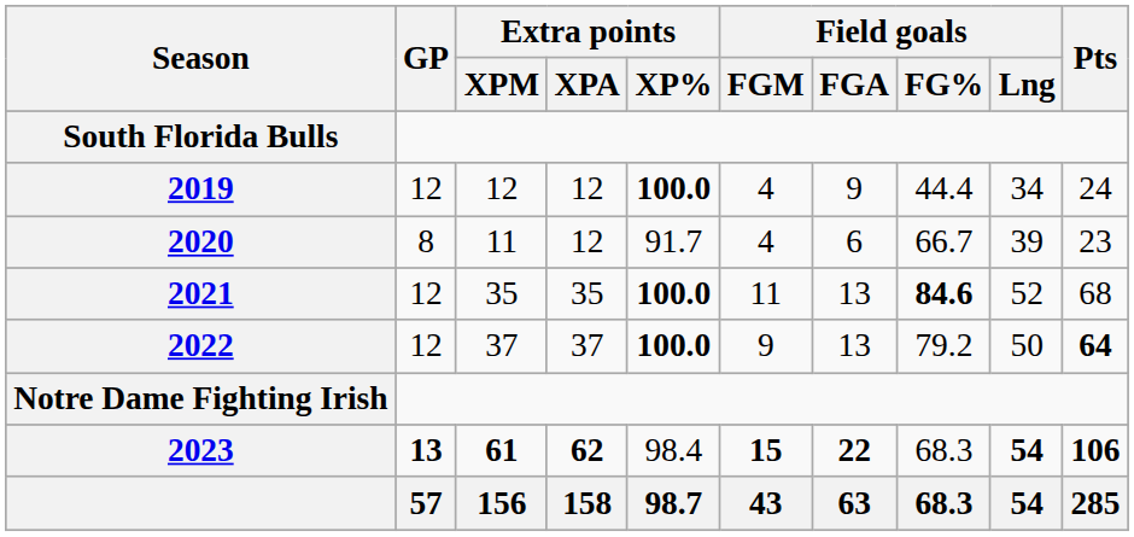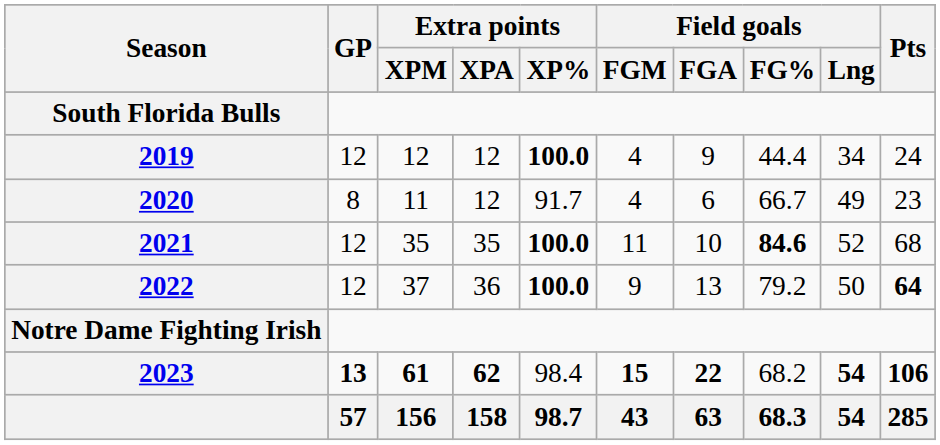 <table class="wikitable" style="text-align:center;">
 <tr>
 <th rowspan=2>Season</th>
 <th rowspan=2>GP</th>
 <th colspan=3>Extra points</th>
 <th colspan=4>Field goals</th>
 <th rowspan=2>Pts</th>
 </tr>
 <tr>
 <th>XPM</th>
 <th>XPA</th>
 <th>XP%</th>
 <th>FGM</th>
 <th>FGA</th>
 <th>FG%</th>
 <th>Lng</th>
 </tr>
 <tr>
 <th>South Florida Bulls</th>
 </tr>
 <tr>
 <th><a href='#'>2019</a></th>
 <td>12</td>
 <td>12</td>
 <td>12</td>
 <td><strong>100.0</strong></td>
 <td>4</td>
 <td>9</td>
 <td>44.4</td>
 <td>34</td>
 <td>24</td>
 </tr>
 <tr>
 <th><a href='#'>2020</a></th>
 <td>8</td>
 <td>11</td>
 <td>12</td>
 <td>91.7</td>
 <td>4</td>
 <td>6</td>
 <td>66.7</td>
-<td>39</td>
+<td>49</td>
 <td>23</td>
 </tr>
 <tr>
 <th><a href='#'>2021</a></th>
 <td>12</td>
 <td>35</td>
 <td>35</td>
 <td><strong>100.0</strong></td>
 <td>11</td>
-<td>13</td>
+<td>10</td>
 <td><strong>84.6</strong></td>
 <td>52</td>
 <td>68</td>
 </tr>
 <tr>
 <th><a href='#'>2022</a></th>
 <td>12</td>
 <td>37</td>
-<td>37</td>
+<td>36</td>
 <td><strong>100.0</strong></td>
 <td>9</td>
 <td>13</td>
 <td>79.2</td>
 <td>50</td>
 <td><strong>64</strong></td>
 </tr>
 <tr>
 <th>Notre Dame Fighting Irish</th>
 </tr>
 <tr>
 <th><a href='#'>2023</a></th>
 <td><strong>13</strong></td>
 <td><strong>61</strong></td>
 <td><strong>62</strong></td>
 <td>98.4</td>
 <td><strong>15</strong></td>
 <td><strong>22</strong></td>
-<td>68.3</td>
+<td>68.2</td>
 <td><strong>54</strong></td>
 <td><strong>106</strong></td>
 </tr>
 <tr>
 <th></th>
 <th>57</th>
 <th>156</th>
 <th>158</th>
 <th>98.7</th>
 <th>43</th>
 <th>63</th>
 <th>68.3</th>
 <th>54</th>
 <th>285</th>
 </tr>
 </table>
